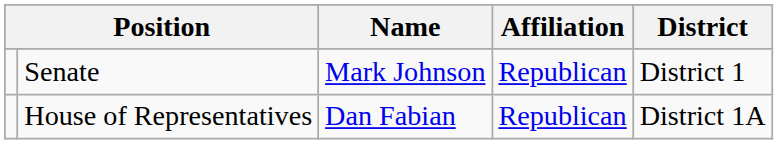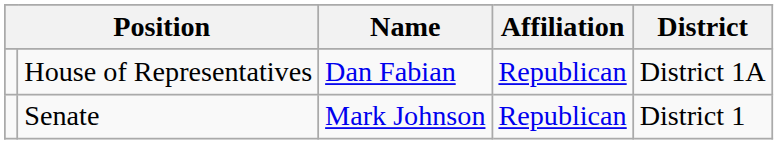 <table class="wikitable">
 <tr>
 <th colspan="2">Position</th>
 <th>Name</th>
 <th>Affiliation</th>
 <th>District</th>
 </tr>
 <tr>
 <td style="background-color:"></td>
+<td>House of Representatives</td>
+<td><a href='#'>Dan Fabian</a></td>
+<td><a href='#'>Republican</a></td>
+<td>District 1A</td>
+</tr>
+<tr>
+<td style="background-color:"></td>
 <td>Senate</td>
 <td><a href='#'>Mark Johnson</a></td>
 <td><a href='#'>Republican</a></td>
 <td>District 1</td>
 </tr>
-<tr>
-<td style="background-color:"></td>
-<td>House of Representatives</td>
-<td><a href='#'>Dan Fabian</a></td>
-<td><a href='#'>Republican</a></td>
-<td>District 1A</td>
-</tr>
 </table>
